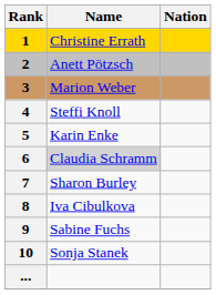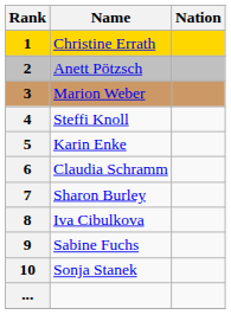 <table class="wikitable">
 <tr>
 <th>Rank</th>
 <th>Name</th>
 <th>Nation</th>
 </tr>
 <tr bgcolor="gold">
 <td align="center"><strong>1</strong></td>
 <td><a href='#'>Christine Errath</a></td>
 <td></td>
 </tr>
 <tr bgcolor="silver">
 <td align="center"><strong>2</strong></td>
 <td><a href='#'>Anett Pötzsch</a></td>
 <td></td>
 </tr>
 <tr bgcolor="cc9966">
 <td align="center"><strong>3</strong></td>
 <td><a href='#'>Marion Weber</a></td>
 <td></td>
 </tr>
 <tr>
 <th>4</th>
 <td><a href='#'>Steffi Knoll</a></td>
 <td></td>
 </tr>
 <tr>
 <th>5</th>
 <td><a href='#'>Karin Enke</a></td>
 <td></td>
 </tr>
 <tr>
 <th>6</th>
-<td style="background: lightgrey;"><a href='#'>Claudia Schramm</a></td>
+<td><a href='#'>Claudia Schramm</a></td>
 <td></td>
 </tr>
 <tr>
 <th>7</th>
 <td><a href='#'>Sharon Burley</a></td>
 <td></td>
 </tr>
 <tr>
 <th>8</th>
 <td><a href='#'>Iva Cibulkova</a></td>
 <td></td>
 </tr>
 <tr>
 <th>9</th>
 <td><a href='#'>Sabine Fuchs</a></td>
 <td></td>
 </tr>
 <tr>
 <th>10</th>
 <td><a href='#'>Sonja Stanek</a></td>
 <td></td>
 </tr>
 <tr>
 <th>...</th>
 <td></td>
 <td></td>
 </tr>
 <tr>
 </tr>
 </table>
